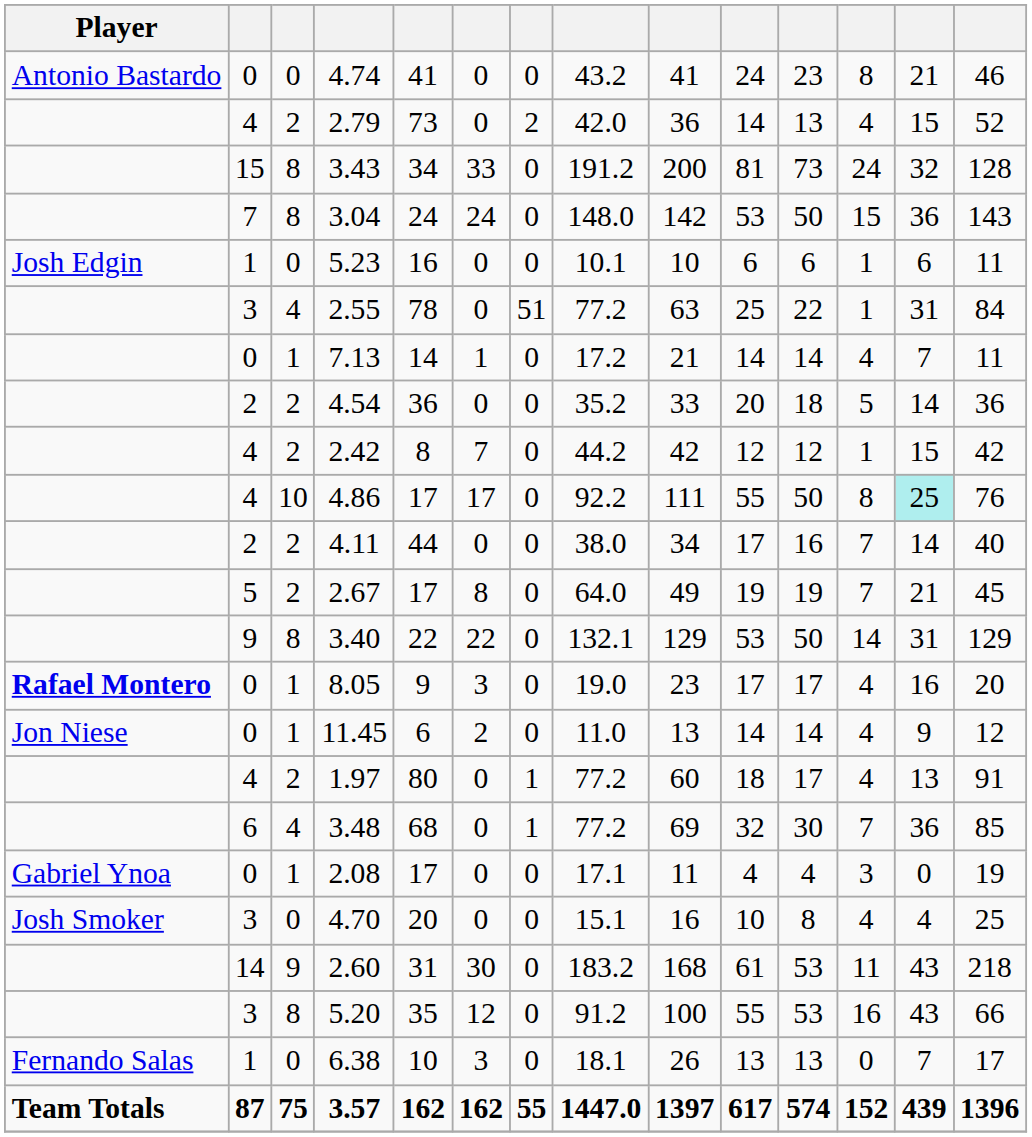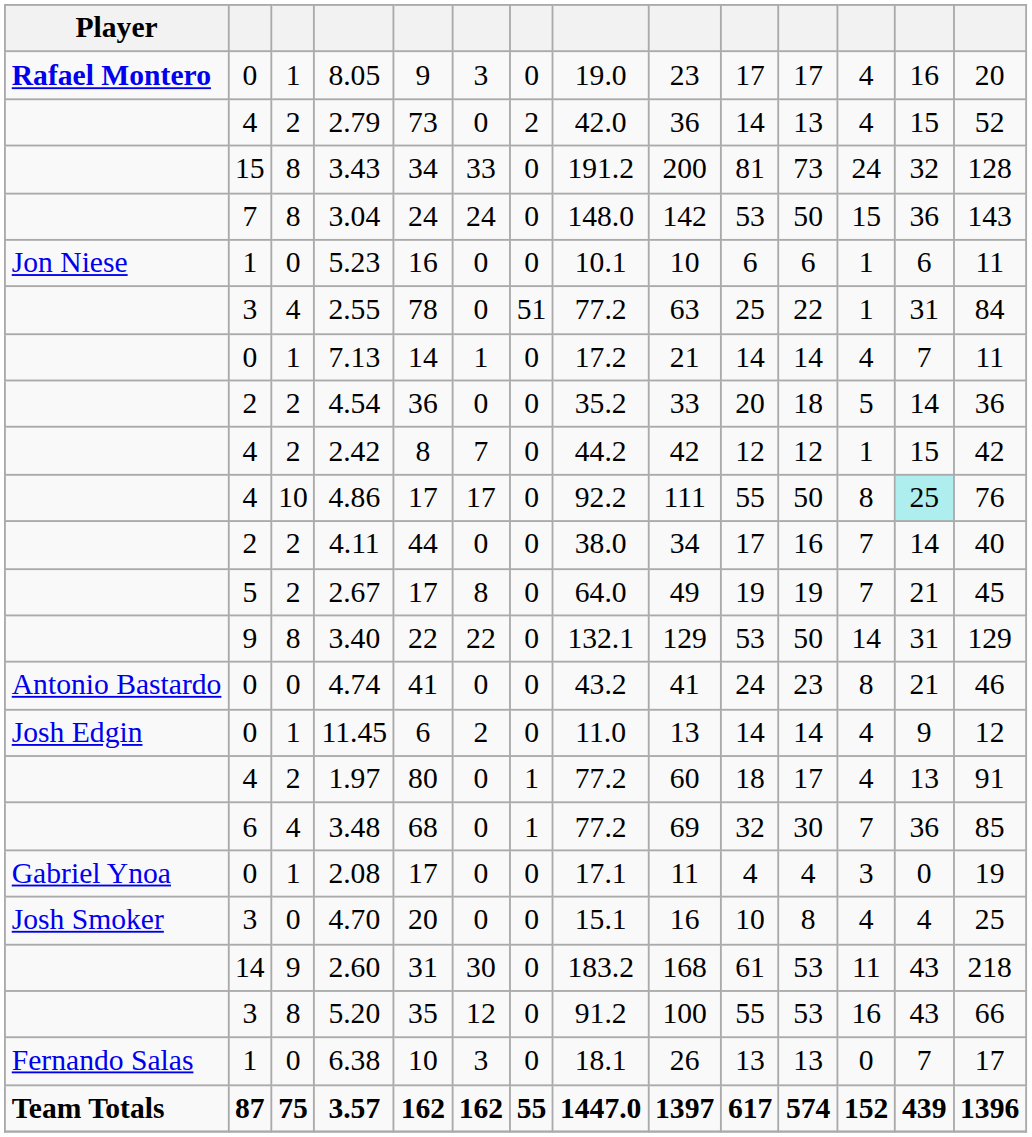 <table class="wikitable sortable" style="text-align:center;">
 <tr>
 <th>Player</th>
 <th></th>
 <th></th>
 <th></th>
 <th></th>
 <th></th>
 <th></th>
 <th></th>
 <th></th>
 <th></th>
 <th></th>
 <th></th>
 <th></th>
 <th></th>
 </tr>
 <tr>
-<td align=left><a href='#'>Antonio Bastardo</a></td>
+<td align=left><strong><a href='#'>Rafael Montero</a></strong></td>
 <td>0</td>
+<td>1</td>
+<td>8.05</td>
+<td>9</td>
+<td>3</td>
 <td>0</td>
-<td>4.74</td>
-<td>41</td>
-<td>0</td>
-<td>0</td>
-<td>43.2</td>
-<td>41</td>
-<td>24</td>
+<td>19.0</td>
 <td>23</td>
-<td>8</td>
-<td>21</td>
-<td>46</td>
+<td>17</td>
+<td>17</td>
+<td>4</td>
+<td>16</td>
+<td>20</td>
 </tr>
 <tr>
 <td align=left></td>
 <td>4</td>
 <td>2</td>
 <td>2.79</td>
 <td>73</td>
 <td>0</td>
 <td>2</td>
 <td>42.0</td>
 <td>36</td>
 <td>14</td>
 <td>13</td>
 <td>4</td>
 <td>15</td>
 <td>52</td>
 </tr>
 <tr>
 <td align=left></td>
 <td>15</td>
 <td>8</td>
 <td>3.43</td>
 <td>34</td>
 <td>33</td>
 <td>0</td>
 <td>191.2</td>
 <td>200</td>
 <td>81</td>
 <td>73</td>
 <td>24</td>
 <td>32</td>
 <td>128</td>
 </tr>
 <tr>
 <td align=left><strong></strong></td>
 <td>7</td>
 <td>8</td>
 <td>3.04</td>
 <td>24</td>
 <td>24</td>
 <td>0</td>
 <td>148.0</td>
 <td>142</td>
 <td>53</td>
 <td>50</td>
 <td>15</td>
 <td>36</td>
 <td>143</td>
 </tr>
 <tr>
-<td align=left><a href='#'>Josh Edgin</a></td>
+<td align=left><a href='#'>Jon Niese</a></td>
 <td>1</td>
 <td>0</td>
 <td>5.23</td>
 <td>16</td>
 <td>0</td>
 <td>0</td>
 <td>10.1</td>
 <td>10</td>
 <td>6</td>
 <td>6</td>
 <td>1</td>
 <td>6</td>
 <td>11</td>
 </tr>
 <tr>
 <td align=left></td>
 <td>3</td>
 <td>4</td>
 <td>2.55</td>
 <td>78</td>
 <td>0</td>
 <td>51</td>
 <td>77.2</td>
 <td>63</td>
 <td>25</td>
 <td>22</td>
 <td>1</td>
 <td>31</td>
 <td>84</td>
 </tr>
 <tr>
 <td align=left></td>
 <td>0</td>
 <td>1</td>
 <td>7.13</td>
 <td>14</td>
 <td>1</td>
 <td>0</td>
 <td>17.2</td>
 <td>21</td>
 <td>14</td>
 <td>14</td>
 <td>4</td>
 <td>7</td>
 <td>11</td>
 </tr>
 <tr>
 <td align=left></td>
 <td>2</td>
 <td>2</td>
 <td>4.54</td>
 <td>36</td>
 <td>0</td>
 <td>0</td>
 <td>35.2</td>
 <td>33</td>
 <td>20</td>
 <td>18</td>
 <td>5</td>
 <td>14</td>
 <td>36</td>
 </tr>
 <tr>
 <td align=left><strong></strong></td>
 <td>4</td>
 <td>2</td>
 <td>2.42</td>
 <td>8</td>
 <td>7</td>
 <td>0</td>
 <td>44.2</td>
 <td>42</td>
 <td>12</td>
 <td>12</td>
 <td>1</td>
 <td>15</td>
 <td>42</td>
 </tr>
 <tr>
 <td align=left></td>
 <td>4</td>
 <td>10</td>
 <td>4.86</td>
 <td>17</td>
 <td>17</td>
 <td>0</td>
 <td>92.2</td>
 <td>111</td>
 <td>55</td>
 <td>50</td>
 <td>8</td>
 <td style="background: paleturquoise;">25</td>
 <td>76</td>
 </tr>
 <tr>
 <td align=left></td>
 <td>2</td>
 <td>2</td>
 <td>4.11</td>
 <td>44</td>
 <td>0</td>
 <td>0</td>
 <td>38.0</td>
 <td>34</td>
 <td>17</td>
 <td>16</td>
 <td>7</td>
 <td>14</td>
 <td>40</td>
 </tr>
 <tr>
 <td align=left><strong></strong></td>
 <td>5</td>
 <td>2</td>
 <td>2.67</td>
 <td>17</td>
 <td>8</td>
 <td>0</td>
 <td>64.0</td>
 <td>49</td>
 <td>19</td>
 <td>19</td>
 <td>7</td>
 <td>21</td>
 <td>45</td>
 </tr>
 <tr>
 <td align=left><strong></strong></td>
 <td>9</td>
 <td>8</td>
 <td>3.40</td>
 <td>22</td>
 <td>22</td>
 <td>0</td>
 <td>132.1</td>
 <td>129</td>
 <td>53</td>
 <td>50</td>
 <td>14</td>
 <td>31</td>
 <td>129</td>
 </tr>
 <tr>
-<td align=left><strong><a href='#'>Rafael Montero</a></strong></td>
+<td align=left><a href='#'>Antonio Bastardo</a></td>
 <td>0</td>
-<td>1</td>
-<td>8.05</td>
-<td>9</td>
-<td>3</td>
 <td>0</td>
-<td>19.0</td>
+<td>4.74</td>
+<td>41</td>
+<td>0</td>
+<td>0</td>
+<td>43.2</td>
+<td>41</td>
+<td>24</td>
 <td>23</td>
-<td>17</td>
-<td>17</td>
-<td>4</td>
-<td>16</td>
-<td>20</td>
+<td>8</td>
+<td>21</td>
+<td>46</td>
 </tr>
 <tr>
-<td align=left><a href='#'>Jon Niese</a></td>
+<td align=left><a href='#'>Josh Edgin</a></td>
 <td>0</td>
 <td>1</td>
 <td>11.45</td>
 <td>6</td>
 <td>2</td>
 <td>0</td>
 <td>11.0</td>
 <td>13</td>
 <td>14</td>
 <td>14</td>
 <td>4</td>
 <td>9</td>
 <td>12</td>
 </tr>
 <tr>
 <td align=left></td>
 <td>4</td>
 <td>2</td>
 <td>1.97</td>
 <td>80</td>
 <td>0</td>
 <td>1</td>
 <td>77.2</td>
 <td>60</td>
 <td>18</td>
 <td>17</td>
 <td>4</td>
 <td>13</td>
 <td>91</td>
 </tr>
 <tr>
 <td align=left></td>
 <td>6</td>
 <td>4</td>
 <td>3.48</td>
 <td>68</td>
 <td>0</td>
 <td>1</td>
 <td>77.2</td>
 <td>69</td>
 <td>32</td>
 <td>30</td>
 <td>7</td>
 <td>36</td>
 <td>85</td>
 </tr>
 <tr>
 <td align=left><a href='#'>Gabriel Ynoa</a></td>
 <td>0</td>
 <td>1</td>
 <td>2.08</td>
 <td>17</td>
 <td>0</td>
 <td>0</td>
 <td>17.1</td>
 <td>11</td>
 <td>4</td>
 <td>4</td>
 <td>3</td>
 <td>0</td>
 <td>19</td>
 </tr>
 <tr>
 <td align=left><a href='#'>Josh Smoker</a></td>
 <td>3</td>
 <td>0</td>
 <td>4.70</td>
 <td>20</td>
 <td>0</td>
 <td>0</td>
 <td>15.1</td>
 <td>16</td>
 <td>10</td>
 <td>8</td>
 <td>4</td>
 <td>4</td>
 <td>25</td>
 </tr>
 <tr>
 <td align=left><strong></strong></td>
 <td>14</td>
 <td>9</td>
 <td>2.60</td>
 <td>31</td>
 <td>30</td>
 <td>0</td>
 <td>183.2</td>
 <td>168</td>
 <td>61</td>
 <td>53</td>
 <td>11</td>
 <td>43</td>
 <td>218</td>
 </tr>
 <tr>
 <td align=left></td>
 <td>3</td>
 <td>8</td>
 <td>5.20</td>
 <td>35</td>
 <td>12</td>
 <td>0</td>
 <td>91.2</td>
 <td>100</td>
 <td>55</td>
 <td>53</td>
 <td>16</td>
 <td>43</td>
 <td>66</td>
 </tr>
 <tr>
 <td align=left><a href='#'>Fernando Salas</a></td>
 <td>1</td>
 <td>0</td>
 <td>6.38</td>
 <td>10</td>
 <td>3</td>
 <td>0</td>
 <td>18.1</td>
 <td>26</td>
 <td>13</td>
 <td>13</td>
 <td>0</td>
 <td>7</td>
 <td>17</td>
 </tr>
 <tr>
 <td align=left><strong>Team Totals</strong></td>
 <td><strong>87</strong></td>
 <td><strong>75</strong></td>
 <td><strong>3.57</strong></td>
 <td><strong>162</strong></td>
 <td><strong>162</strong></td>
 <td><strong>55</strong></td>
 <td><strong>1447.0</strong></td>
 <td><strong>1397</strong></td>
 <td><strong>617</strong></td>
 <td><strong>574</strong></td>
 <td><strong>152</strong></td>
 <td><strong>439</strong></td>
 <td><strong>1396</strong></td>
 </tr>
 <tr class=="sortbottom">
 </tr>
 </table>
